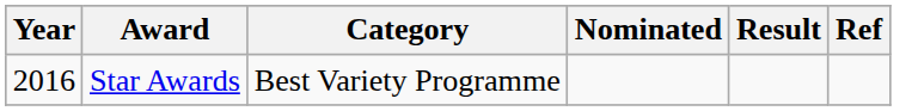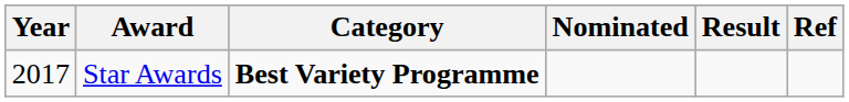 <table class="wikitable sortable">
 <tr style="background:#ccc; text-align:center;">
 <th>Year</th>
 <th>Award</th>
 <th>Category</th>
 <th>Nominated</th>
 <th>Result</th>
 <th>Ref</th>
 </tr>
 <tr>
-<td>2016</td>
+<td>2017</td>
 <td><a href='#'>Star Awards</a></td>
-<td>Best Variety Programme</td>
+<td><strong>Best Variety Programme</strong></td>
 <td></td>
 <td></td>
 <td></td>
 </tr>
 </table>
